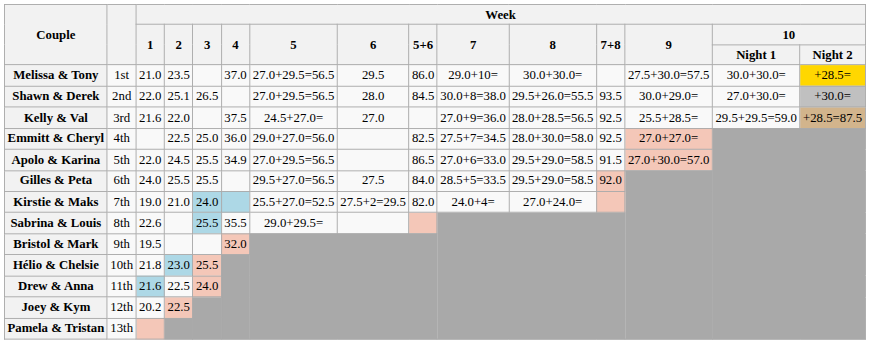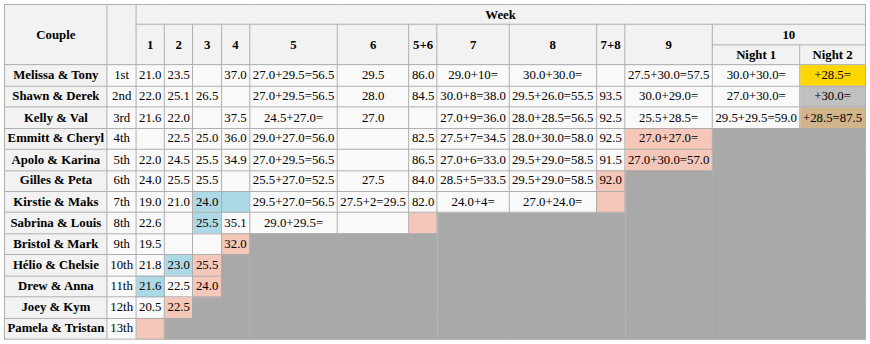 <table class="wikitable sortable" style="text-align:center; font-size:85%">
 <tr>
 <th scope="col" rowspan="3" style="text-align:center; line-height:15px;">Couple</th>
 <th scope="col" rowspan="3" style="text-align:center; line-height:15px;"></th>
 <th colspan="13" style="text-align:center; line-height:15px;">Week</th>
 </tr>
 <tr>
 <th scope="col" rowspan=2 style="line-height:15px;">1</th>
 <th scope="col" rowspan=2 style="line-height:15px;">2</th>
 <th scope="col" rowspan=2 style="line-height:15px;">3</th>
 <th scope="col" rowspan=2 style="line-height:15px;">4</th>
 <th scope="col" rowspan=2 style="line-height:15px;">5</th>
 <th scope="col" rowspan=2 style="line-height:15px;">6</th>
 <th scope="col" rowspan=2 style="line-height:15px;">5+6</th>
 <th scope="col" rowspan=2 style="line-height:15px;">7</th>
 <th scope="col" rowspan=2 style="line-height:15px;">8</th>
 <th scope="col" rowspan=2 style="line-height:15px;">7+8</th>
 <th scope="col" rowspan=2 style="line-height:15px;">9</th>
 <th scope="col" colspan=2 style="line-height:15px;">10</th>
 </tr>
 <tr>
 <th style="line-height:15px;">Night 1</th>
 <th style="line-height:15px;">Night 2</th>
 </tr>
 <tr>
 <th scope="row">Melissa & Tony</th>
 <td>1st</td>
 <td>21.0</td>
 <td>23.5</td>
 <td></td>
 <td>37.0</td>
 <td>27.0+29.5=56.5</td>
 <td>29.5</td>
 <td>86.0</td>
 <td>29.0+10=</td>
 <td>30.0+30.0=</td>
 <td></td>
 <td>27.5+30.0=57.5</td>
 <td>30.0+30.0=</td>
 <td bgcolor=gold >+28.5=</td>
 </tr>
 <tr>
 <th scope="row">Shawn & Derek</th>
 <td>2nd</td>
 <td>22.0</td>
 <td>25.1</td>
 <td>26.5</td>
 <td></td>
 <td>27.0+29.5=56.5</td>
 <td>28.0</td>
 <td>84.5</td>
 <td>30.0+8=38.0</td>
 <td>29.5+26.0=55.5</td>
 <td>93.5</td>
 <td>30.0+29.0=</td>
 <td>27.0+30.0=</td>
 <td bgcolor=silver >+30.0=</td>
 </tr>
 <tr>
 <th scope="row">Kelly & Val</th>
 <td>3rd</td>
 <td>21.6</td>
 <td>22.0</td>
 <td></td>
 <td>37.5</td>
 <td>24.5+27.0=</td>
 <td>27.0</td>
 <td></td>
 <td>27.0+9=36.0</td>
 <td>28.0+28.5=56.5</td>
 <td>92.5</td>
 <td>25.5+28.5=</td>
 <td>29.5+29.5=59.0</td>
 <td bgcolor=tan >+28.5=87.5</td>
 </tr>
 <tr>
 <th scope="row">Emmitt & Cheryl</th>
 <td>4th</td>
 <td></td>
 <td>22.5</td>
 <td>25.0</td>
 <td>36.0</td>
 <td>29.0+27.0=56.0</td>
 <td></td>
 <td>82.5</td>
 <td>27.5+7=34.5</td>
 <td>28.0+30.0=58.0</td>
 <td>92.5</td>
 <td bgcolor=f4c7b8 >27.0+27.0=</td>
 <td colspan="2" rowspan="10" style="background:darkgrey;"></td>
 </tr>
 <tr>
 <th scope="row">Apolo & Karina</th>
 <td>5th</td>
 <td>22.0</td>
 <td>24.5</td>
 <td>25.5</td>
 <td>34.9</td>
 <td>27.0+29.5=56.5</td>
 <td></td>
 <td>86.5</td>
 <td>27.0+6=33.0</td>
 <td>29.5+29.0=58.5</td>
 <td>91.5</td>
 <td bgcolor=f4c7b8 >27.0+30.0=57.0</td>
 </tr>
 <tr>
 <th scope="row">Gilles & Peta</th>
 <td>6th</td>
 <td>24.0</td>
 <td>25.5</td>
 <td>25.5</td>
 <td></td>
-<td>29.5+27.0=56.5</td>
+<td>25.5+27.0=52.5</td>
 <td>27.5</td>
 <td>84.0</td>
 <td>28.5+5=33.5</td>
 <td>29.5+29.0=58.5</td>
 <td bgcolor=f4c7b8>92.0</td>
 <td rowspan="8" style="background:darkgrey;"></td>
 </tr>
 <tr>
 <th scope="row">Kirstie & Maks</th>
 <td>7th</td>
 <td>19.0</td>
 <td>21.0</td>
 <td bgcolor=lightblue>24.0</td>
 <td bgcolor=lightblue></td>
-<td>25.5+27.0=52.5</td>
+<td>29.5+27.0=56.5</td>
 <td>27.5+2=29.5</td>
 <td>82.0</td>
 <td>24.0+4=</td>
 <td>27.0+24.0=</td>
 <td bgcolor=f4c7b8></td>
 </tr>
 <tr>
 <th scope="row">Sabrina & Louis</th>
 <td>8th</td>
 <td>22.6</td>
 <td></td>
 <td bgcolor=lightblue>25.5</td>
-<td>35.5</td>
+<td>35.1</td>
 <td>29.0+29.5=</td>
 <td></td>
 <td bgcolor=f4c7b8 ></td>
 <td colspan="3" rowspan="6" style="background:darkgrey;"></td>
 </tr>
 <tr>
 <th scope="row">Bristol & Mark</th>
 <td>9th</td>
 <td>19.5</td>
 <td></td>
 <td></td>
 <td bgcolor=f4c7b8>32.0</td>
 <td colspan="3" rowspan="5" style="background:darkgrey;"></td>
 </tr>
 <tr>
 <th scope="row">Hélio & Chelsie</th>
 <td>10th</td>
 <td>21.8</td>
 <td bgcolor=lightblue>23.0</td>
 <td bgcolor=f4c7b8>25.5</td>
 <td rowspan="4" style="background:darkgrey;"></td>
 </tr>
 <tr>
 <th scope="row">Drew & Anna</th>
 <td>11th</td>
 <td bgcolor=lightblue>21.6</td>
 <td>22.5</td>
 <td bgcolor=f4c7b8>24.0</td>
 </tr>
 <tr>
 <th scope="row">Joey & Kym</th>
 <td>12th</td>
-<td>20.2</td>
+<td>20.5</td>
 <td bgcolor=f4c7b8>22.5</td>
 <td rowspan="2" style="background:darkgrey;"></td>
 </tr>
 <tr>
 <th scope="row">Pamela & Tristan</th>
 <td>13th</td>
 <td bgcolor=f4c7b8></td>
 <td style="background:darkgrey;"></td>
 </tr>
 </table>
